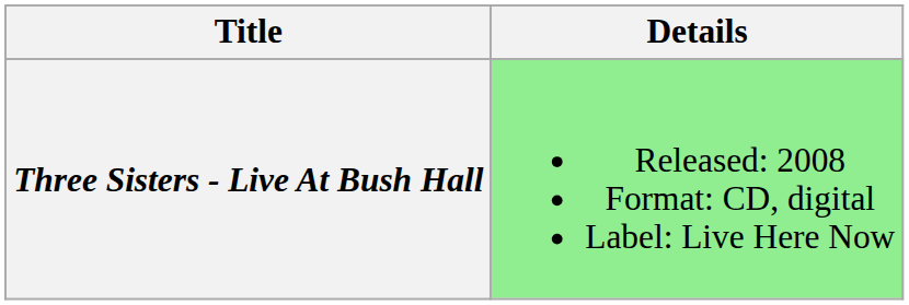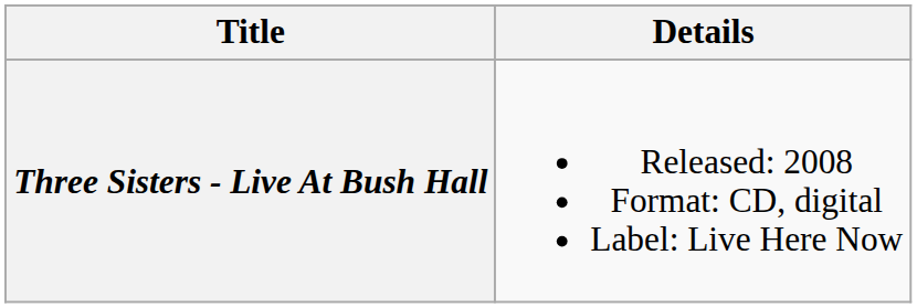 <table class="wikitable plainrowheaders" style="text-align:center;" border="1">
 <tr>
 <th>Title</th>
 <th>Details</th>
 </tr>
 <tr>
 <th scope="row"><em>Three Sisters - Live At Bush Hall</em></th>
-<td style="background: lightgreen;"><br><ul><li>Released: 2008</li><li>Format: CD, digital</li><li>Label: Live Here Now</li></ul></td>
+<td><br><ul><li>Released: 2008</li><li>Format: CD, digital</li><li>Label: Live Here Now</li></ul></td>
 </tr>
 </table>
